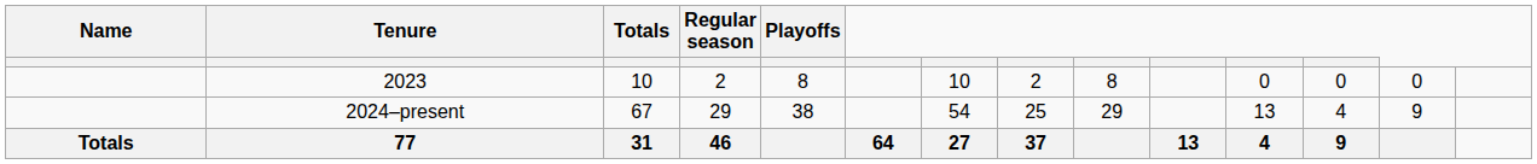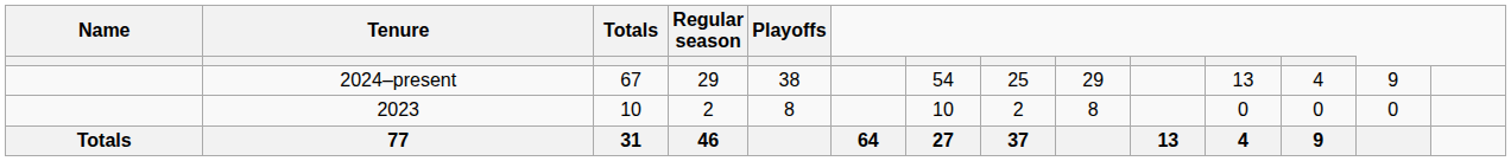 <table class="wikitable sortable" style="clear:both; margin:1.5em auto; text-align:center;">
 <tr>
 <th>Name</th>
 <th>Tenure</th>
 <th>Totals</th>
 <th>Regular season</th>
 <th>Playoffs</th>
 </tr>
 <tr>
 <th></th>
 <th></th>
 <th></th>
 <th></th>
 <th></th>
 <th></th>
 <th></th>
 <th></th>
 <th></th>
 <th></th>
 <th></th>
 <th></th>
 </tr>
 <tr>
 <td> </td>
+<td>2024–present</td>
+<td style="width:5%;">67</td>
+<td style="width:5%;">29</td>
+<td style="width:5%;">38</td>
+<td style="width:5%;"></td>
+<td style="width:5%;">54</td>
+<td style="width:5%;">25</td>
+<td style="width:5%;">29</td>
+<td style="width:5%;"></td>
+<td style="width:5%;">13</td>
+<td style="width:5%;">4</td>
+<td style="width:5%;">9</td>
+<td style="width:5%;"></td>
+</tr>
+<tr>
+<td> </td>
 <td>2023</td>
 <td style="width:5%;">10</td>
 <td style="width:5%;">2</td>
 <td style="width:5%;">8</td>
 <td style="width:5%;"></td>
 <td style="width:5%;">10</td>
 <td style="width:5%;">2</td>
 <td style="width:5%;">8</td>
 <td style="width:5%;"></td>
 <td style="width:5%;">0</td>
 <td style="width:5%;">0</td>
 <td style="width:5%;">0</td>
-<td style="width:5%;"></td>
-</tr>
-<tr>
-<td> </td>
-<td>2024–present</td>
-<td style="width:5%;">67</td>
-<td style="width:5%;">29</td>
-<td style="width:5%;">38</td>
-<td style="width:5%;"></td>
-<td style="width:5%;">54</td>
-<td style="width:5%;">25</td>
-<td style="width:5%;">29</td>
-<td style="width:5%;"></td>
-<td style="width:5%;">13</td>
-<td style="width:5%;">4</td>
-<td style="width:5%;">9</td>
 <td style="width:5%;"></td>
 </tr>
 <tr>
 <th>Totals</th>
 <th>77</th>
 <th>31</th>
 <th>46</th>
 <th></th>
 <th>64</th>
 <th>27</th>
 <th>37</th>
 <th></th>
 <th>13</th>
 <th>4</th>
 <th>9</th>
 <th></th>
 </tr>
 </table>
